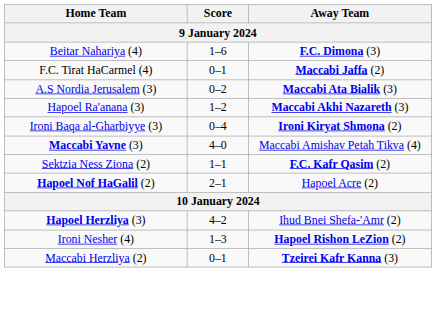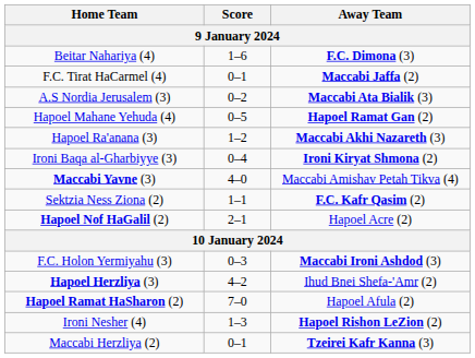 <table class="wikitable" style="text-align: center;">
 <tr>
 <th width="240px">Home Team</th>
 <th width="75px">Score</th>
 <th width="240px">Away Team</th>
 </tr>
 <tr>
 <th colspan=3>9 January 2024</th>
 </tr>
 <tr>
 <td><a href='#'>Beitar Nahariya</a> (4)</td>
 <td>1–6</td>
 <td><strong><a href='#'>F.C. Dimona</a></strong> (3)</td>
 </tr>
 <tr>
 <td>F.C. Tirat HaCarmel (4)</td>
 <td>0–1</td>
 <td><strong><a href='#'>Maccabi Jaffa</a></strong> (2)</td>
 </tr>
 <tr>
 <td><a href='#'>A.S Nordia Jerusalem</a> (3)</td>
 <td>0–2</td>
 <td><strong><a href='#'>Maccabi Ata Bialik</a></strong> (3)</td>
+</tr>
+<tr>
+<td><a href='#'>Hapoel Mahane Yehuda</a> (4)</td>
+<td>0–5</td>
+<td><strong><a href='#'>Hapoel Ramat Gan</a></strong> (2)</td>
 </tr>
 <tr>
 <td><a href='#'>Hapoel Ra'anana</a> (3)</td>
 <td>1–2</td>
 <td><strong><a href='#'>Maccabi Akhi Nazareth</a></strong> (3)</td>
 </tr>
 <tr>
 <td><a href='#'>Ironi Baqa al-Gharbiyye</a> (3)</td>
 <td>0–4</td>
 <td><strong><a href='#'>Ironi Kiryat Shmona</a></strong> (2)</td>
 </tr>
 <tr>
 <td><strong><a href='#'>Maccabi Yavne</a></strong> (3)</td>
 <td>4–0</td>
 <td><a href='#'>Maccabi Amishav Petah Tikva</a> (4)</td>
 </tr>
 <tr>
 <td><a href='#'>Sektzia Ness Ziona</a> (2)</td>
 <td>1–1 </td>
 <td><strong><a href='#'>F.C. Kafr Qasim</a></strong> (2)</td>
 </tr>
 <tr>
 <td><strong><a href='#'>Hapoel Nof HaGalil</a></strong> (2)</td>
 <td>2–1</td>
 <td><a href='#'>Hapoel Acre</a> (2)</td>
 </tr>
 <tr>
 <th colspan=3>10 January 2024</th>
 </tr>
 <tr>
+<td><a href='#'>F.C. Holon Yermiyahu</a> (3)</td>
+<td>0–3</td>
+<td><strong><a href='#'>Maccabi Ironi Ashdod</a></strong> (3)</td>
+</tr>
+<tr>
 <td><strong><a href='#'>Hapoel Herzliya</a></strong> (3)</td>
 <td>4–2</td>
 <td><a href='#'>Ihud Bnei Shefa-'Amr</a> (2)</td>
+</tr>
+<tr>
+<td><strong><a href='#'>Hapoel Ramat HaSharon</a></strong> (2)</td>
+<td>7–0</td>
+<td><a href='#'>Hapoel Afula</a> (2)</td>
 </tr>
 <tr>
 <td><a href='#'>Ironi Nesher</a> (4)</td>
 <td>1–3</td>
 <td><strong><a href='#'>Hapoel Rishon LeZion</a></strong> (2)</td>
 </tr>
 <tr>
 <td><a href='#'>Maccabi Herzliya</a> (2)</td>
 <td>0–1</td>
 <td><strong><a href='#'>Tzeirei Kafr Kanna</a></strong> (3)</td>
 </tr>
 </table>
